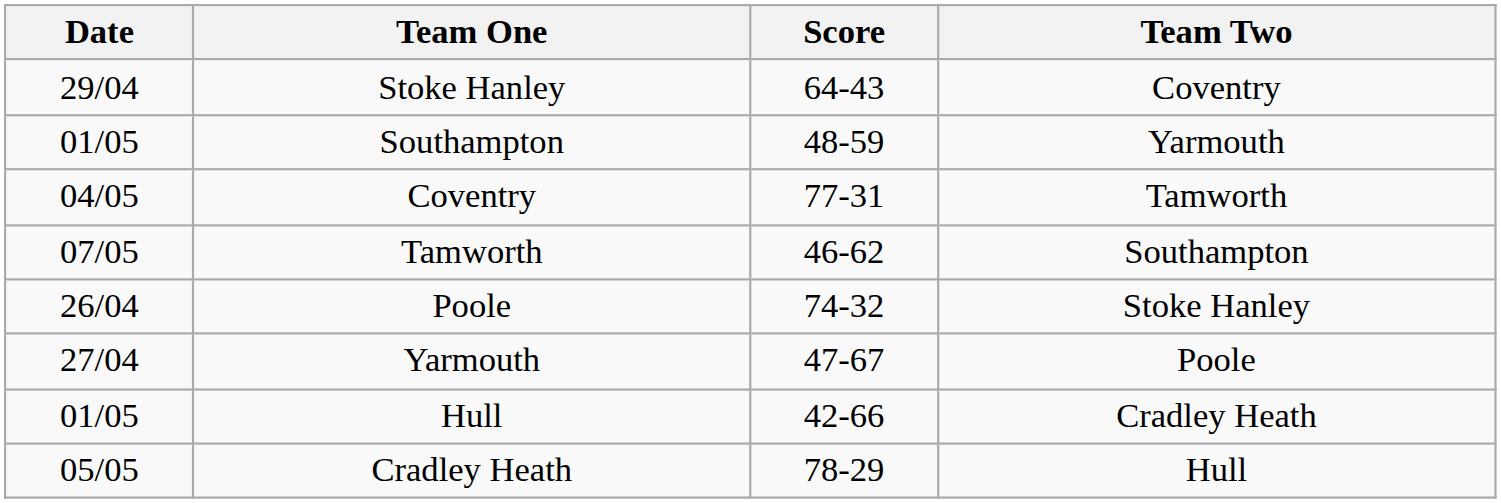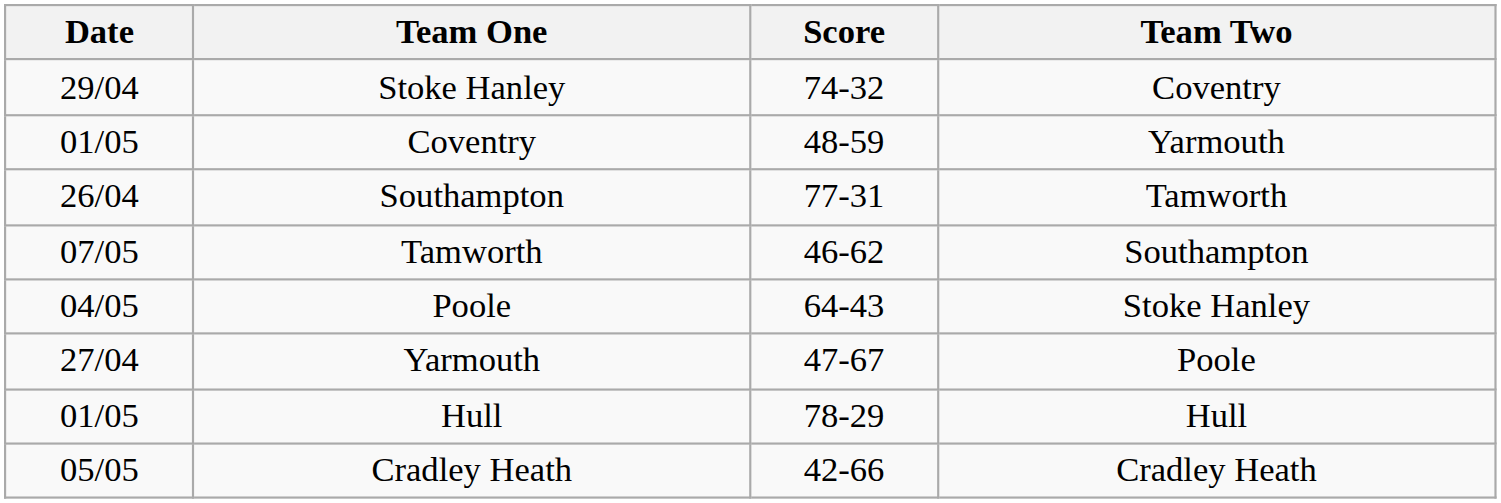 <table class="wikitable" style="text-align: center">
 <tr>
 <th width=80>Date</th>
 <th width=250>Team One</th>
 <th width=80>Score</th>
 <th width=250>Team Two</th>
 </tr>
 <tr>
 <td>29/04</td>
 <td>Stoke Hanley</td>
-<td>64-43</td>
+<td>74-32</td>
 <td>Coventry</td>
 </tr>
 <tr>
 <td>01/05</td>
-<td>Southampton</td>
+<td>Coventry</td>
 <td>48-59</td>
 <td>Yarmouth</td>
 </tr>
 <tr>
-<td>04/05</td>
-<td>Coventry</td>
+<td>26/04</td>
+<td>Southampton</td>
 <td>77-31</td>
 <td>Tamworth</td>
 </tr>
 <tr>
 <td>07/05</td>
 <td>Tamworth</td>
 <td>46-62</td>
 <td>Southampton</td>
 </tr>
 <tr>
-<td>26/04</td>
+<td>04/05</td>
 <td>Poole</td>
-<td>74-32</td>
+<td>64-43</td>
 <td>Stoke Hanley</td>
 </tr>
 <tr>
 <td>27/04</td>
 <td>Yarmouth</td>
 <td>47-67</td>
 <td>Poole</td>
 </tr>
 <tr>
 <td>01/05</td>
 <td>Hull</td>
-<td>42-66</td>
-<td>Cradley Heath</td>
+<td>78-29</td>
+<td>Hull</td>
 </tr>
 <tr>
 <td>05/05</td>
 <td>Cradley Heath</td>
-<td>78-29</td>
-<td>Hull</td>
+<td>42-66</td>
+<td>Cradley Heath</td>
 </tr>
 </table>
